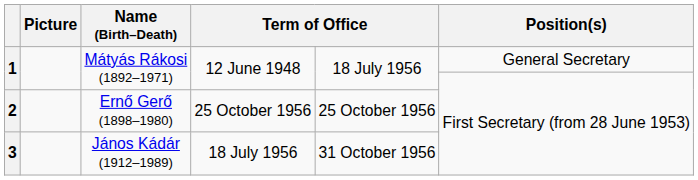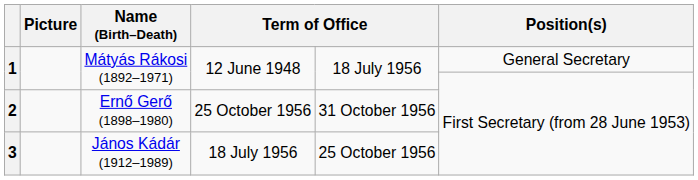 <table class="wikitable" style="text-align:center;">
 <tr>
 <th></th>
 <th>Picture</th>
 <th>Name<br><small>(Birth–Death)</small></th>
 <th colspan=2>Term of Office</th>
 <th>Position(s)</th>
 </tr>
 <tr>
 <th rowspan=2 style="background-color:">1</th>
 <td rowspan=2></td>
 <td rowspan=2><a href='#'>Mátyás Rákosi</a><br><small>(1892–1971)</small></td>
 <td rowspan=2>12 June 1948</td>
 <td rowspan=2>18 July 1956</td>
 <td>General Secretary</td>
 </tr>
 <tr>
 <td rowspan=3>First Secretary (from 28 June 1953)</td>
 </tr>
 <tr>
 <th style="background-color:">2</th>
 <td></td>
 <td><a href='#'>Ernő Gerő</a><br><small>(1898–1980)</small></td>
 <td>25 October 1956</td>
-<td>25 October 1956</td>
+<td>31 October 1956</td>
 </tr>
 <tr>
 <th style="background-color:">3</th>
 <td></td>
 <td><a href='#'>János Kádár</a><br><small>(1912–1989)</small></td>
 <td>18 July 1956</td>
-<td>31 October 1956</td>
+<td>25 October 1956</td>
 </tr>
 </table>
